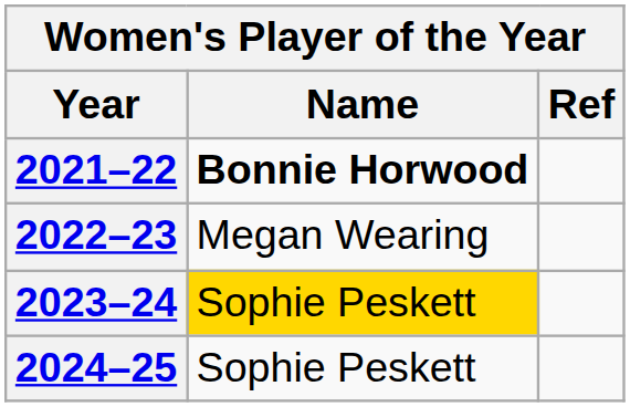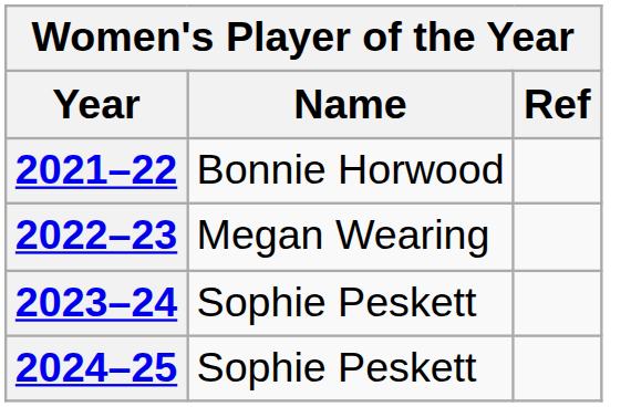 <table class="plainrowheaders wikitable">
 <tr>
 <th colspan="3">Women's Player of the Year</th>
 </tr>
 <tr>
 <th>Year</th>
 <th>Name</th>
 <th>Ref</th>
 </tr>
 <tr>
 <th scope="row"><a href='#'>2021–22</a></th>
-<td><strong> Bonnie Horwood</strong></td>
+<td> Bonnie Horwood</td>
 <td></td>
 </tr>
 <tr>
 <th scope="row"><a href='#'>2022–23</a></th>
 <td> Megan Wearing</td>
 <td></td>
 </tr>
 <tr>
 <th scope="row"><a href='#'>2023–24</a></th>
-<td style="background: gold;"> Sophie Peskett</td>
+<td> Sophie Peskett</td>
 <td></td>
 </tr>
 <tr>
 <th scope="row"><a href='#'>2024–25</a></th>
 <td> Sophie Peskett</td>
 <td></td>
 </tr>
 </table>
